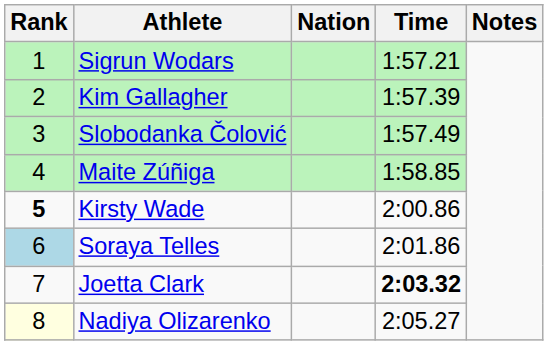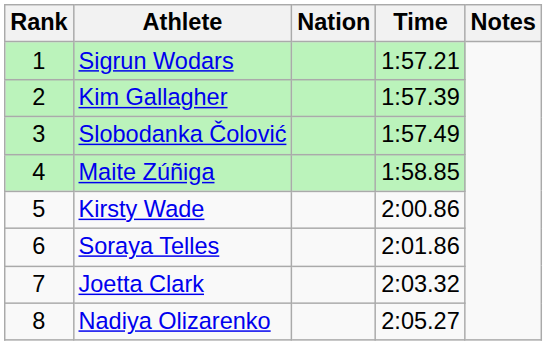 <table class="wikitable sortable" style="text-align:center">
 <tr>
 <th>Rank</th>
 <th>Athlete</th>
 <th>Nation</th>
 <th>Time</th>
 <th>Notes</th>
 </tr>
 <tr style="background:#bbf3bb;">
 <td>1</td>
 <td align=left><a href='#'>Sigrun Wodars</a></td>
 <td align=left></td>
 <td>1:57.21</td>
 </tr>
 <tr style="background:#bbf3bb;">
 <td>2</td>
 <td align=left><a href='#'>Kim Gallagher</a></td>
 <td align=left></td>
 <td>1:57.39</td>
 </tr>
 <tr style="background:#bbf3bb;">
 <td>3</td>
 <td align=left><a href='#'>Slobodanka Čolović</a></td>
 <td align=left></td>
 <td>1:57.49</td>
 </tr>
 <tr style="background:#bbf3bb;">
 <td>4</td>
 <td align=left><a href='#'>Maite Zúñiga</a></td>
 <td align=left></td>
 <td>1:58.85</td>
 </tr>
 <tr>
-<td><strong>5</strong></td>
+<td>5</td>
 <td align=left><a href='#'>Kirsty Wade</a></td>
 <td align=left></td>
 <td>2:00.86</td>
 </tr>
 <tr>
-<td style="background: lightblue;">6</td>
+<td>6</td>
 <td align=left><a href='#'>Soraya Telles</a></td>
 <td align=left></td>
 <td>2:01.86</td>
 </tr>
 <tr>
 <td>7</td>
 <td align=left><a href='#'>Joetta Clark</a></td>
 <td align=left></td>
-<td><strong>2:03.32</strong></td>
+<td>2:03.32</td>
 </tr>
 <tr>
-<td style="background: lightyellow;">8</td>
+<td>8</td>
 <td align=left><a href='#'>Nadiya Olizarenko</a></td>
 <td align=left></td>
 <td>2:05.27</td>
 </tr>
 </table>
